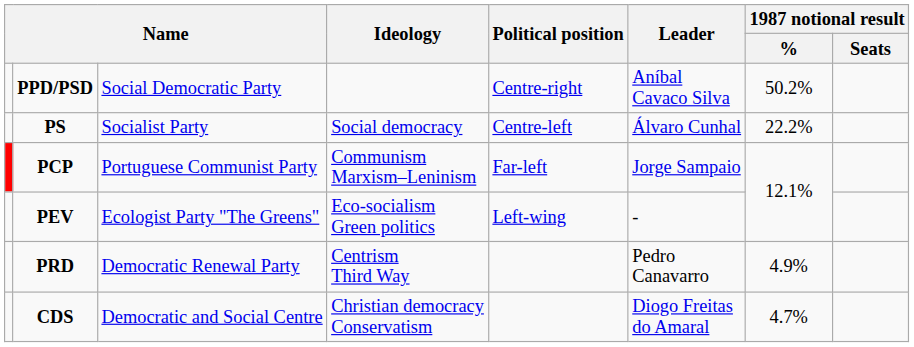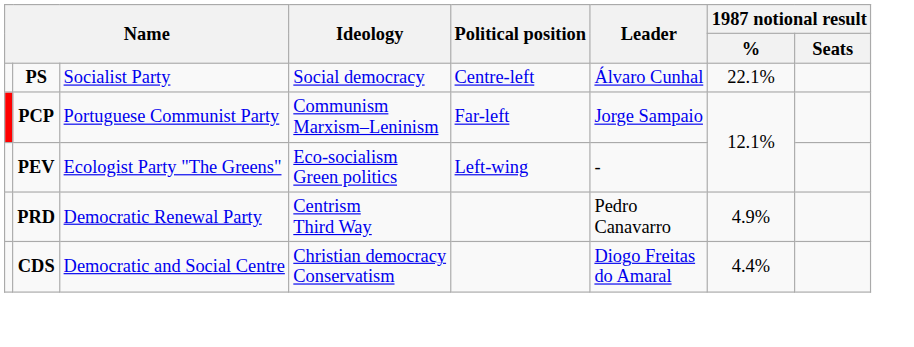 <table class="wikitable">
 <tr>
 <th rowspan="2" colspan="3">Name</th>
 <th rowspan="2">Ideology</th>
 <th rowspan="2">Political position</th>
 <th rowspan="2">Leader</th>
 <th colspan="2">1987 notional result</th>
 </tr>
 <tr>
 <th>%</th>
 <th>Seats</th>
 </tr>
 <tr>
 <td style="color:inherit;background:"></td>
-<td style="text-align:center;"><strong>PPD/PSD</strong></td>
-<td><a href='#'>Social Democratic Party</a><br></td>
-<td></td>
-<td><a href='#'>Centre-right</a></td>
-<td><a href='#'>Aníbal<br>Cavaco Silva</a></td>
-<td style="text-align:center;">50.2%</td>
-<td></td>
-</tr>
-<tr>
-<td style="color:inherit;background:"></td>
 <td style="text-align:center;"><strong>PS</strong></td>
 <td><a href='#'>Socialist Party</a><br></td>
 <td><a href='#'>Social democracy</a></td>
 <td><a href='#'>Centre-left</a></td>
 <td><a href='#'>Álvaro Cunhal</a></td>
-<td style="text-align:center;">22.2%</td>
+<td style="text-align:center;">22.1%</td>
 <td></td>
 </tr>
 <tr>
 <td style="background:#f00;"></td>
 <td style="text-align:center;"><strong>PCP</strong></td>
 <td><a href='#'>Portuguese Communist Party</a><br></td>
 <td><a href='#'>Communism</a><br><a href='#'>Marxism–Leninism</a></td>
 <td><a href='#'>Far-left</a></td>
 <td><a href='#'>Jorge Sampaio</a></td>
 <td rowspan="2" style="text-align:center;">12.1%</td>
 <td></td>
 </tr>
 <tr>
 <td style="color:inherit;background:"></td>
 <td style="text-align:center;"><strong>PEV</strong></td>
 <td><a href='#'>Ecologist Party "The Greens"</a><br></td>
 <td><a href='#'>Eco-socialism</a><br><a href='#'>Green politics</a></td>
 <td><a href='#'>Left-wing</a></td>
 <td>-</td>
 <td></td>
 </tr>
 <tr>
 <td style="color:inherit;background:"></td>
 <td style="text-align:center;"><strong>PRD</strong></td>
 <td><a href='#'>Democratic Renewal Party</a><br></td>
 <td><a href='#'>Centrism</a><br><a href='#'>Third Way</a></td>
 <td></td>
 <td>Pedro<br>Canavarro</td>
 <td style="text-align:center;">4.9%</td>
 <td></td>
 </tr>
 <tr>
 <td style="color:inherit;background:"></td>
 <td style="text-align:center;"><strong>CDS</strong></td>
 <td><a href='#'>Democratic and Social Centre</a><br></td>
 <td><a href='#'>Christian democracy</a><br><a href='#'>Conservatism</a></td>
 <td></td>
 <td><a href='#'>Diogo Freitas<br>do Amaral</a></td>
-<td style="text-align:center;">4.7%</td>
+<td style="text-align:center;">4.4%</td>
 <td></td>
 </tr>
 </table>
